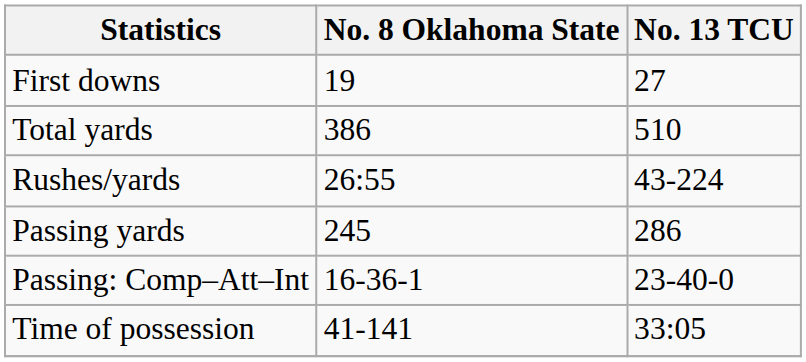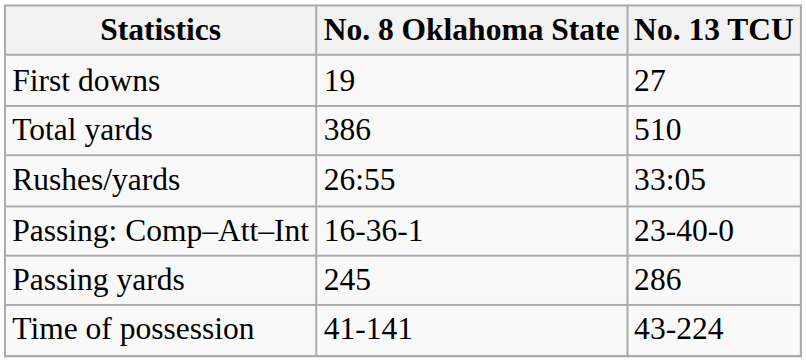 <table class="wikitable" style="float: left;">
 <tr>
 <th>Statistics</th>
 <th>No. 8 Oklahoma State</th>
 <th>No. 13 TCU</th>
 </tr>
 <tr>
 <td>First downs</td>
 <td>19</td>
 <td>27</td>
 </tr>
 <tr>
 <td>Total yards</td>
 <td>386</td>
 <td>510</td>
 </tr>
 <tr>
 <td>Rushes/yards</td>
 <td>26:55</td>
-<td>43-224</td>
+<td>33:05</td>
+</tr>
+<tr>
+<td>Passing: Comp–Att–Int</td>
+<td>16-36-1</td>
+<td>23-40-0</td>
 </tr>
 <tr>
 <td>Passing yards</td>
 <td>245</td>
 <td>286</td>
 </tr>
 <tr>
-<td>Passing: Comp–Att–Int</td>
-<td>16-36-1</td>
-<td>23-40-0</td>
-</tr>
-<tr>
 <td>Time of possession</td>
 <td>41-141</td>
-<td>33:05</td>
+<td>43-224</td>
 </tr>
 <tr>
 </tr>
 </table>
